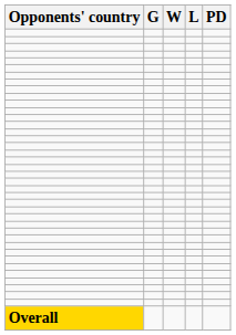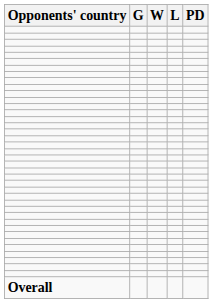 <table class="wikitable">
 <tr>
 <th>Opponents' country</th>
 <th>G</th>
 <th>W</th>
 <th>L</th>
 <th>PD</th>
 </tr>
 <tr>
 <td align=left></td>
 <td></td>
 <td></td>
 <td></td>
 <td></td>
 </tr>
 <tr>
 <td align=left></td>
 <td></td>
 <td></td>
 <td></td>
 <td></td>
 </tr>
 <tr>
 <td align=left></td>
 <td></td>
 <td></td>
 <td></td>
 <td></td>
 </tr>
 <tr>
 <td align=left></td>
 <td></td>
 <td></td>
 <td></td>
 <td></td>
 </tr>
 <tr>
 <td align=left></td>
 <td></td>
 <td></td>
 <td></td>
 <td></td>
 </tr>
 <tr>
 <td align=left></td>
 <td></td>
 <td></td>
 <td></td>
 <td></td>
 </tr>
 <tr>
 <td align=left></td>
 <td></td>
 <td></td>
 <td></td>
 <td></td>
 </tr>
 <tr>
 <td align=left></td>
 <td></td>
 <td></td>
 <td></td>
 <td></td>
 </tr>
 <tr>
 <td align=left></td>
 <td></td>
 <td></td>
 <td></td>
 <td></td>
 </tr>
 <tr>
 <td align=left></td>
 <td></td>
 <td></td>
 <td></td>
 <td></td>
 </tr>
 <tr>
 <td align=left></td>
 <td></td>
 <td></td>
 <td></td>
 <td></td>
 </tr>
 <tr>
 <td align=left></td>
 <td></td>
 <td></td>
 <td></td>
 <td></td>
 </tr>
 <tr>
 <td align=left></td>
 <td></td>
 <td></td>
 <td></td>
 <td></td>
 </tr>
 <tr>
 <td align=left></td>
 <td></td>
 <td></td>
 <td></td>
 <td></td>
 </tr>
 <tr>
 <td align=left></td>
 <td></td>
 <td></td>
 <td></td>
 <td></td>
 </tr>
 <tr>
 <td align=left></td>
 <td></td>
 <td></td>
 <td></td>
 <td></td>
 </tr>
 <tr>
 <td align=left></td>
 <td></td>
 <td></td>
 <td></td>
 <td></td>
 </tr>
 <tr>
 <td align=left></td>
 <td></td>
 <td></td>
 <td></td>
 <td></td>
 </tr>
 <tr>
 <td align=left></td>
 <td></td>
 <td></td>
 <td></td>
 <td></td>
 </tr>
 <tr>
 <td align=left></td>
 <td></td>
 <td></td>
 <td></td>
 <td></td>
 </tr>
 <tr>
 <td align=left></td>
 <td></td>
 <td></td>
 <td></td>
 <td></td>
 </tr>
 <tr>
 <td align=left></td>
 <td></td>
 <td></td>
 <td></td>
 <td></td>
 </tr>
 <tr>
 <td align=left></td>
 <td></td>
 <td></td>
 <td></td>
 <td></td>
 </tr>
 <tr>
 <td align=left></td>
 <td></td>
 <td></td>
 <td></td>
 <td></td>
 </tr>
 <tr>
 <td align=left></td>
 <td></td>
 <td></td>
 <td></td>
 <td></td>
 </tr>
 <tr>
 <td align=left></td>
 <td></td>
 <td></td>
 <td></td>
 <td></td>
 </tr>
 <tr>
 <td align=left></td>
 <td></td>
 <td></td>
 <td></td>
 <td></td>
 </tr>
 <tr>
 <td align=left></td>
 <td></td>
 <td></td>
 <td></td>
 <td></td>
 </tr>
 <tr>
 <td align=left></td>
 <td></td>
 <td></td>
 <td></td>
 <td></td>
 </tr>
 <tr>
 <td align=left></td>
 <td></td>
 <td></td>
 <td></td>
 <td></td>
 </tr>
 <tr>
 <td align=left></td>
 <td></td>
 <td></td>
 <td></td>
 <td></td>
 </tr>
 <tr>
 <td align=left></td>
 <td></td>
 <td></td>
 <td></td>
 <td></td>
 </tr>
 <tr>
 <td align=left></td>
 <td></td>
 <td></td>
 <td></td>
 <td></td>
 </tr>
 <tr>
 <td align=left></td>
 <td></td>
 <td></td>
 <td></td>
 <td></td>
 </tr>
 <tr>
 <td align=left></td>
 <td></td>
 <td></td>
 <td></td>
 <td></td>
 </tr>
 <tr>
 <td align=left></td>
 <td></td>
 <td></td>
 <td></td>
 <td></td>
 </tr>
 <tr>
 <td align=left></td>
 <td></td>
 <td></td>
 <td></td>
 <td></td>
 </tr>
 <tr>
 <td align=left></td>
 <td></td>
 <td></td>
 <td></td>
 <td></td>
 </tr>
 <tr>
 <td align=left></td>
 <td></td>
 <td></td>
 <td></td>
 <td></td>
 </tr>
 <tr>
-<td align=left style="background: gold;"><strong>Overall</strong></td>
+<td align=left><strong>Overall</strong></td>
 <td></td>
 <td></td>
 <td></td>
 <td></td>
 </tr>
 </table>
